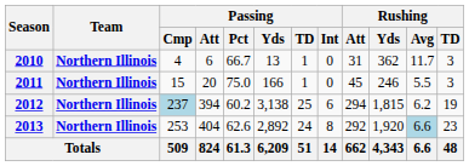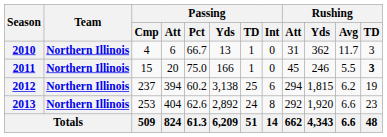 <table class="wikitable" style="text-align:center;">
 <tr>
 <th rowspan="2">Season</th>
 <th rowspan="2">Team</th>
 <th colspan="6">Passing</th>
 <th colspan="4">Rushing</th>
 </tr>
 <tr>
 <th>Cmp</th>
 <th>Att</th>
 <th>Pct</th>
 <th>Yds</th>
 <th>TD</th>
 <th>Int</th>
 <th>Att</th>
 <th>Yds</th>
 <th>Avg</th>
 <th>TD</th>
 </tr>
 <tr>
 <th><a href='#'>2010</a></th>
 <th><a href='#'>Northern Illinois</a></th>
 <td>4</td>
 <td>6</td>
 <td>66.7</td>
 <td>13</td>
 <td>1</td>
 <td>0</td>
 <td>31</td>
 <td>362</td>
 <td>11.7</td>
 <td>3</td>
 </tr>
 <tr>
 <th><a href='#'>2011</a></th>
 <th><a href='#'>Northern Illinois</a></th>
 <td>15</td>
 <td>20</td>
 <td>75.0</td>
 <td>166</td>
 <td>1</td>
 <td>0</td>
 <td>45</td>
 <td>246</td>
 <td>5.5</td>
-<td>3</td>
+<td><strong>3</strong></td>
 </tr>
 <tr>
 <th><a href='#'>2012</a></th>
 <th><a href='#'>Northern Illinois</a></th>
-<td style="background: lightblue;">237</td>
+<td>237</td>
 <td>394</td>
 <td>60.2</td>
 <td>3,138</td>
 <td>25</td>
 <td>6</td>
 <td>294</td>
 <td>1,815</td>
 <td>6.2</td>
 <td>19</td>
 </tr>
 <tr>
 <th><a href='#'>2013</a></th>
 <th><a href='#'>Northern Illinois</a></th>
 <td>253</td>
 <td>404</td>
 <td>62.6</td>
 <td>2,892</td>
 <td>24</td>
 <td>8</td>
 <td>292</td>
 <td>1,920</td>
-<td style="background: lightblue;">6.6</td>
+<td>6.6</td>
 <td>23</td>
 </tr>
 <tr>
 <th colspan="2">Totals</th>
 <th>509</th>
 <th>824</th>
 <th>61.3</th>
 <th>6,209</th>
 <th>51</th>
 <th>14</th>
 <th>662</th>
 <th>4,343</th>
 <th>6.6</th>
 <th>48</th>
 </tr>
 </table>
